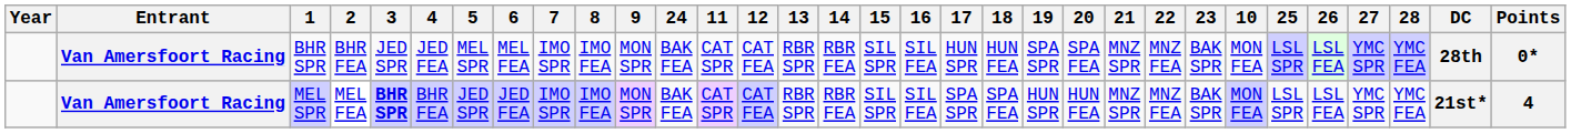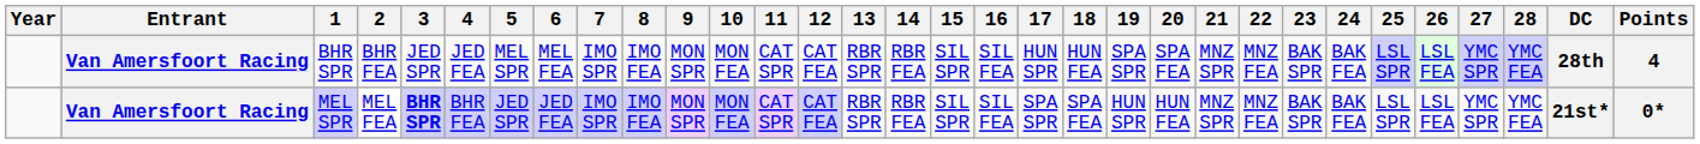 <table class="wikitable" style="text-align:center; font-size:85%;">
 <tr>
 <th scope="col">Year</th>
 <th scope="col">Entrant</th>
 <th scope="col">1</th>
 <th scope="col">2</th>
 <th scope="col">3</th>
 <th scope="col">4</th>
 <th scope="col">5</th>
 <th scope="col">6</th>
 <th scope="col">7</th>
 <th scope="col">8</th>
 <th scope="col">9</th>
-<th scope="col">24</th>
+<th scope="col">10</th>
 <th scope="col">11</th>
 <th scope="col">12</th>
 <th scope="col">13</th>
 <th scope="col">14</th>
 <th scope="col">15</th>
 <th scope="col">16</th>
 <th scope="col">17</th>
 <th scope="col">18</th>
 <th scope="col">19</th>
 <th scope="col">20</th>
 <th scope="col">21</th>
 <th scope="col">22</th>
 <th scope="col">23</th>
-<th scope="col">10</th>
+<th scope="col">24</th>
 <th scope="col">25</th>
 <th scope="col">26</th>
 <th scope="col">27</th>
 <th scope="col">28</th>
 <th scope="col">DC</th>
 <th scope="col">Points</th>
 </tr>
 <tr>
 <td scope="row"></td>
 <th nowrap><a href='#'>Van Amersfoort Racing</a></th>
 <td><a href='#'>BHR<br>SPR</a></td>
 <td><a href='#'>BHR<br>FEA</a></td>
 <td><a href='#'>JED<br>SPR</a></td>
 <td><a href='#'>JED<br>FEA</a></td>
 <td><a href='#'>MEL<br>SPR</a></td>
 <td><a href='#'>MEL<br>FEA</a></td>
 <td><a href='#'>IMO<br>SPR</a></td>
 <td><a href='#'>IMO<br>FEA</a></td>
 <td><a href='#'>MON<br>SPR</a></td>
-<td><a href='#'>BAK<br>FEA</a></td>
+<td><a href='#'>MON<br>FEA</a></td>
 <td><a href='#'>CAT<br>SPR</a></td>
 <td><a href='#'>CAT<br>FEA</a></td>
 <td><a href='#'>RBR<br>SPR</a></td>
 <td><a href='#'>RBR<br>FEA</a></td>
 <td><a href='#'>SIL<br>SPR</a></td>
 <td><a href='#'>SIL<br>FEA</a></td>
 <td><a href='#'>HUN<br>SPR</a></td>
 <td><a href='#'>HUN<br>FEA</a></td>
 <td><a href='#'>SPA<br>SPR</a></td>
 <td><a href='#'>SPA<br>FEA</a></td>
 <td><a href='#'>MNZ<br>SPR</a></td>
 <td><a href='#'>MNZ<br>FEA</a></td>
 <td><a href='#'>BAK<br>SPR</a></td>
-<td><a href='#'>MON<br>FEA</a></td>
+<td><a href='#'>BAK<br>FEA</a></td>
 <td style="background:#CFCFFF;"><a href='#'>LSL<br>SPR</a><br></td>
 <td style="background:#DFFFDF;"><a href='#'>LSL<br>FEA</a><br></td>
 <td style="background:#CFCFFF;"><a href='#'>YMC<br>SPR</a><br></td>
 <td style="background:#CFCFFF;"><a href='#'>YMC<br>FEA</a><br></td>
 <th>28th</th>
-<th>0*</th>
+<th>4</th>
 </tr>
 <tr>
 <td scope="row"></td>
 <th nowrap><a href='#'>Van Amersfoort Racing</a></th>
 <td style="background:#CFCFFF;"><a href='#'>MEL<br>SPR</a><br></td>
 <td style="background:#FFFFFF;"><a href='#'>MEL<br>FEA</a><br></td>
 <td style="background:#CFCFFF;"><strong><a href='#'>BHR<br>SPR</a><br></strong></td>
 <td style="background:#CFCFFF;"><a href='#'>BHR<br>FEA</a><br></td>
 <td style="background:#CFCFFF;"><a href='#'>JED<br>SPR</a><br></td>
 <td style="background:#CFCFFF;"><a href='#'>JED<br>FEA</a><br></td>
 <td style="background:#CFCFFF;"><a href='#'>IMO<br>SPR</a><br></td>
 <td style="background:#CFCFFF;"><a href='#'>IMO<br>FEA</a><br></td>
 <td style="background:#EFCFFF;"><a href='#'>MON<br>SPR</a><br></td>
-<td><a href='#'>BAK<br>FEA</a></td>
+<td style="background:#CFCFFF;"><a href='#'>MON<br>FEA</a><br></td>
 <td style="background:#EFCFFF;"><a href='#'>CAT<br>SPR</a><br></td>
 <td style="background:#CFCFFF;"><a href='#'>CAT<br>FEA</a><br></td>
 <td><a href='#'>RBR<br>SPR</a></td>
 <td><a href='#'>RBR<br>FEA</a></td>
 <td><a href='#'>SIL<br>SPR</a></td>
 <td><a href='#'>SIL<br>FEA</a></td>
 <td><a href='#'>SPA<br>SPR</a></td>
 <td><a href='#'>SPA<br>FEA</a></td>
 <td><a href='#'>HUN<br>SPR</a></td>
 <td><a href='#'>HUN<br>FEA</a></td>
 <td><a href='#'>MNZ<br>SPR</a></td>
 <td><a href='#'>MNZ<br>FEA</a></td>
 <td><a href='#'>BAK<br>SPR</a></td>
-<td style="background:#CFCFFF;"><a href='#'>MON<br>FEA</a><br></td>
+<td><a href='#'>BAK<br>FEA</a></td>
 <td><a href='#'>LSL<br>SPR</a></td>
 <td><a href='#'>LSL<br>FEA</a></td>
 <td><a href='#'>YMC<br>SPR</a></td>
 <td><a href='#'>YMC<br>FEA</a></td>
 <th>21st*</th>
-<th>4</th>
+<th>0*</th>
 </tr>
 </table>
